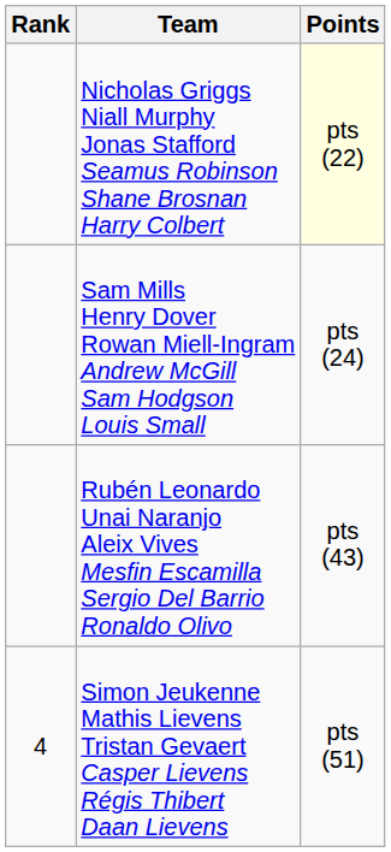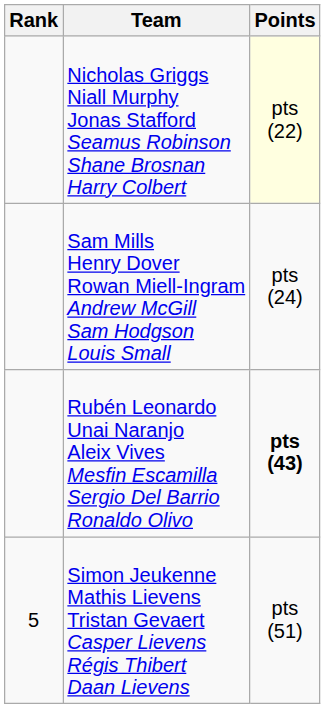 <table class="wikitable sortable" style="text-align:center;">
 <tr>
 <th>Rank</th>
 <th>Team</th>
 <th>Points</th>
 </tr>
 <tr>
 <td></td>
 <td align=left><br><a href='#'>Nicholas Griggs</a><br><a href='#'>Niall Murphy</a><br><a href='#'>Jonas Stafford</a><br><em><a href='#'>Seamus Robinson</a><br><a href='#'>Shane Brosnan</a><br><a href='#'>Harry Colbert</a></em></td>
 <td style="background: lightyellow;">pts<br>(22)</td>
 </tr>
 <tr>
 <td></td>
 <td align=left><br><a href='#'>Sam Mills</a><br><a href='#'>Henry Dover</a><br><a href='#'>Rowan Miell-Ingram</a><br><em><a href='#'>Andrew McGill</a><br><a href='#'>Sam Hodgson</a><br><a href='#'>Louis Small</a></em></td>
 <td>pts<br>(24)</td>
 </tr>
 <tr>
 <td></td>
 <td align=left><br><a href='#'>Rubén Leonardo</a><br><a href='#'>Unai Naranjo</a><br><a href='#'>Aleix Vives</a><br><em><a href='#'>Mesfin Escamilla</a><br><a href='#'>Sergio Del Barrio</a><br><a href='#'>Ronaldo Olivo</a></em></td>
-<td>pts<br>(43)</td>
+<td><strong>pts<br>(43)</strong></td>
 </tr>
 <tr>
-<td>4</td>
+<td>5</td>
 <td align=left><br><a href='#'>Simon Jeukenne</a><br><a href='#'>Mathis Lievens</a><br><a href='#'>Tristan Gevaert</a><br><em><a href='#'>Casper Lievens</a><br><a href='#'>Régis Thibert</a><br><a href='#'>Daan Lievens</a></em></td>
 <td>pts<br>(51)</td>
 </tr>
 </table>
